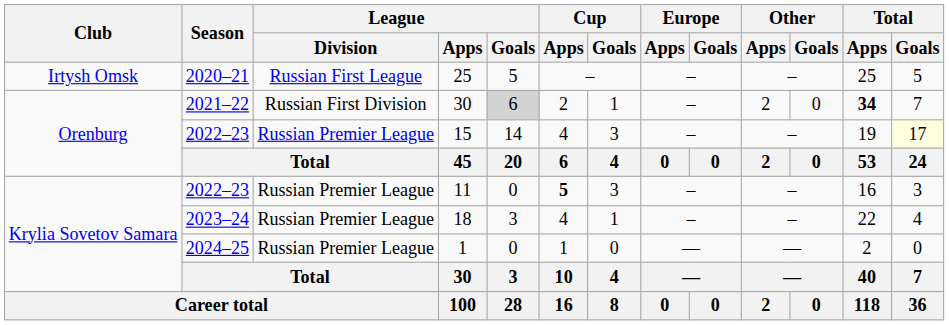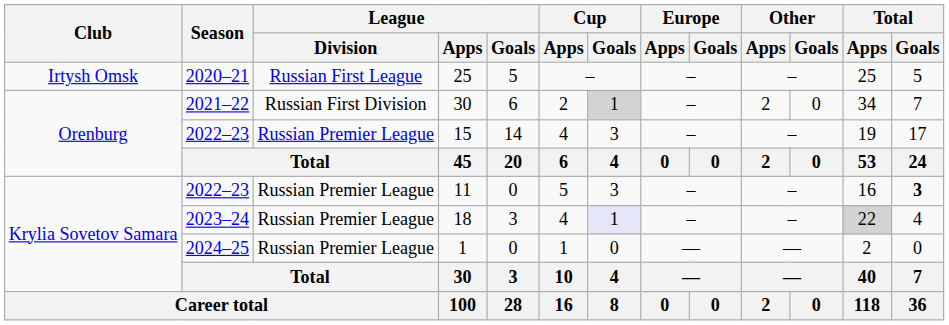 <table class="wikitable" style="text-align: center;">
 <tr>
 <th rowspan="2">Club</th>
 <th rowspan="2">Season</th>
 <th colspan="3">League</th>
 <th colspan="2">Cup</th>
 <th colspan="2">Europe</th>
 <th colspan="2">Other</th>
 <th colspan=2>Total</th>
 </tr>
 <tr>
 <th>Division</th>
 <th>Apps</th>
 <th>Goals</th>
 <th>Apps</th>
 <th>Goals</th>
 <th>Apps</th>
 <th>Goals</th>
 <th>Apps</th>
 <th>Goals</th>
 <th>Apps</th>
 <th>Goals</th>
 </tr>
 <tr>
 <td><a href='#'>Irtysh Omsk</a></td>
 <td><a href='#'>2020–21</a></td>
 <td><a href='#'>Russian First League</a></td>
 <td>25</td>
 <td>5</td>
 <td colspan=2>–</td>
 <td colspan=2>–</td>
 <td colspan=2>–</td>
 <td>25</td>
 <td>5</td>
 </tr>
 <tr>
 <td rowspan="3"><a href='#'>Orenburg</a></td>
 <td><a href='#'>2021–22</a></td>
 <td>Russian First Division</td>
 <td>30</td>
-<td style="background: lightgrey;">6</td>
+<td>6</td>
 <td>2</td>
-<td>1</td>
+<td style="background: lightgrey;">1</td>
 <td colspan=2>–</td>
 <td>2</td>
 <td>0</td>
-<td><strong>34</strong></td>
+<td>34</td>
 <td>7</td>
 </tr>
 <tr>
 <td><a href='#'>2022–23</a></td>
 <td><a href='#'>Russian Premier League</a></td>
 <td>15</td>
 <td>14</td>
 <td>4</td>
 <td>3</td>
 <td colspan=2>–</td>
 <td colspan=2>–</td>
 <td>19</td>
-<td style="background: lightyellow;">17</td>
+<td>17</td>
 </tr>
 <tr>
 <th colspan=2>Total</th>
 <th>45</th>
 <th>20</th>
 <th>6</th>
 <th>4</th>
 <th>0</th>
 <th>0</th>
 <th>2</th>
 <th>0</th>
 <th>53</th>
 <th>24</th>
 </tr>
 <tr>
 <td rowspan="4"><a href='#'>Krylia Sovetov Samara</a></td>
 <td><a href='#'>2022–23</a></td>
 <td>Russian Premier League</td>
 <td>11</td>
 <td>0</td>
-<td><strong>5</strong></td>
+<td>5</td>
 <td>3</td>
 <td colspan=2>–</td>
 <td colspan=2>–</td>
 <td>16</td>
-<td>3</td>
+<td><strong>3</strong></td>
 </tr>
 <tr>
 <td><a href='#'>2023–24</a></td>
 <td>Russian Premier League</td>
 <td>18</td>
 <td>3</td>
 <td>4</td>
-<td>1</td>
+<td style="background: lavender;">1</td>
 <td colspan=2>–</td>
 <td colspan=2>–</td>
-<td>22</td>
+<td style="background: lightgrey;">22</td>
 <td>4</td>
 </tr>
 <tr>
 <td><a href='#'>2024–25</a></td>
 <td>Russian Premier League</td>
 <td>1</td>
 <td>0</td>
 <td>1</td>
 <td>0</td>
 <td colspan="2">—</td>
 <td colspan="2">—</td>
 <td>2</td>
 <td>0</td>
 </tr>
 <tr>
 <th colspan="2">Total</th>
 <th>30</th>
 <th>3</th>
 <th>10</th>
 <th>4</th>
 <th colspan="2">—</th>
 <th colspan="2">—</th>
 <th>40</th>
 <th>7</th>
 </tr>
 <tr>
 <th colspan="3">Career total</th>
 <th>100</th>
 <th>28</th>
 <th>16</th>
 <th>8</th>
 <th>0</th>
 <th>0</th>
 <th>2</th>
 <th>0</th>
 <th>118</th>
 <th>36</th>
 </tr>
 </table>
